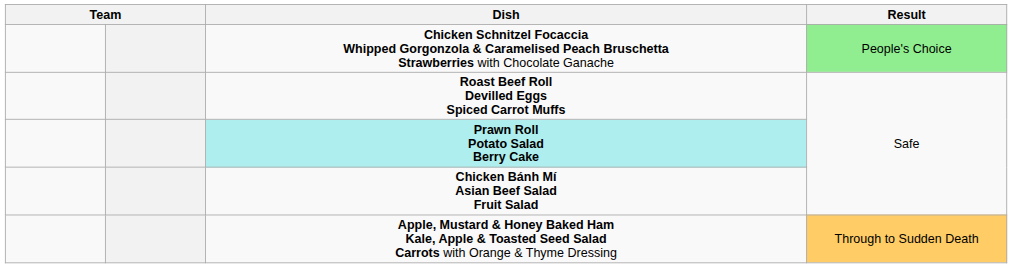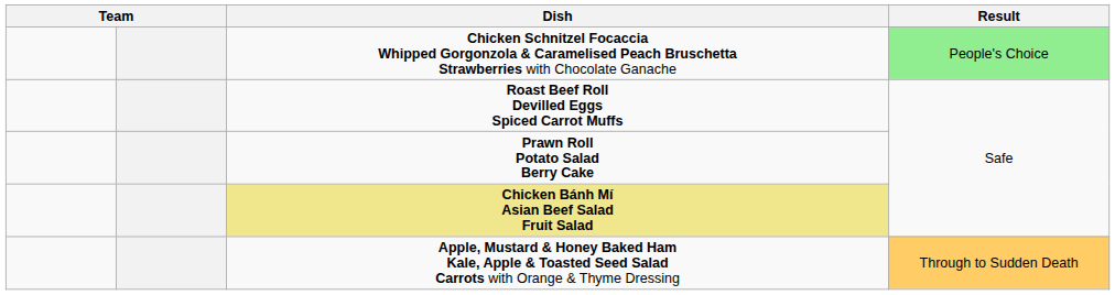 <table class="wikitable plainrowheaders" style="text-align:center; font-size:90%; width:80em; margin-left: auto; margin-right: auto; border: none;">
 <tr>
 <th style="width:20%;" colspan="2">Team</th>
 <th style="width:60%;">Dish</th>
 <th style="width:20%;">Result</th>
 </tr>
 <tr>
 <td></td>
 <th></th>
 <td><strong>Chicken Schnitzel Focaccia</strong><br><strong>Whipped Gorgonzola & Caramelised Peach Bruschetta</strong><br><strong>Strawberries</strong> with Chocolate Ganache</td>
 <td style="background:lightgreen">People's Choice</td>
 </tr>
 <tr>
 <td></td>
 <th></th>
 <td><strong>Roast Beef Roll</strong><br><strong>Devilled Eggs</strong><br><strong>Spiced Carrot Muffs</strong></td>
 <td rowspan="3">Safe</td>
 </tr>
 <tr>
 <td></td>
 <th></th>
-<td style="background: paleturquoise;"><strong>Prawn Roll</strong><br><strong>Potato Salad</strong><br><strong>Berry Cake</strong></td>
+<td><strong>Prawn Roll</strong><br><strong>Potato Salad</strong><br><strong>Berry Cake</strong></td>
 </tr>
 <tr>
 <td></td>
 <th></th>
-<td><strong>Chicken Bánh Mí</strong><br><strong>Asian Beef Salad</strong><br><strong>Fruit Salad</strong></td>
+<td style="background: khaki;"><strong>Chicken Bánh Mí</strong><br><strong>Asian Beef Salad</strong><br><strong>Fruit Salad</strong></td>
 </tr>
 <tr>
 <td></td>
 <th></th>
 <td><strong>Apple, Mustard & Honey Baked Ham</strong><br><strong>Kale, Apple & Toasted Seed Salad</strong><br><strong>Carrots</strong> with Orange & Thyme Dressing</td>
 <td style="background:#FFCC66">Through to Sudden Death</td>
 </tr>
 </table>
